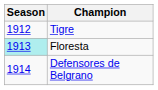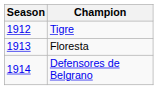 <table class="wikitable sortable">
 <tr>
 <th width=50px>Season</th>
 <th width=150px>Champion</th>
 </tr>
 <tr>
 <td><a href='#'>1912</a></td>
 <td><a href='#'>Tigre</a></td>
 </tr>
 <tr>
-<td style="background: paleturquoise;"><a href='#'>1913</a></td>
+<td><a href='#'>1913</a></td>
 <td>Floresta</td>
 </tr>
 <tr>
 <td><a href='#'>1914</a></td>
 <td><a href='#'>Defensores de Belgrano</a></td>
 </tr>
 </table>
